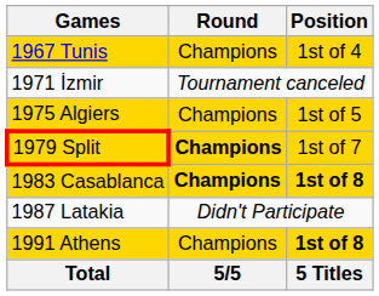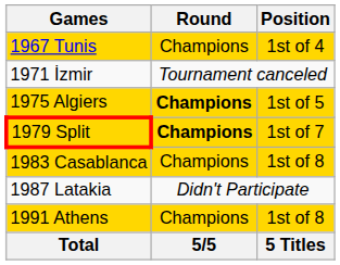 <table class="wikitable" style="font-size: 90%; text-align:center; font-size:85%;">
 <tr>
 <th>Games</th>
 <th>Round</th>
 <th>Position</th>
 </tr>
 <tr style="background:gold;">
 <td align="left"> <a href='#'>1967 Tunis</a></td>
 <td>Champions</td>
 <td>1st of 4</td>
 </tr>
 <tr style=>
 <td align="left"> 1971 İzmir</td>
 <td colspan="2"><em>Tournament canceled</em></td>
 </tr>
 <tr style="background:gold;">
 <td align="left"> 1975 Algiers</td>
-<td>Champions</td>
+<td><strong>Champions</strong></td>
 <td>1st of 5</td>
 </tr>
 <tr style="background:gold;">
 <td align="left"style="border: 3px solid red"> 1979 Split</td>
 <td><strong>Champions</strong></td>
 <td>1st of 7</td>
 </tr>
 <tr style="background:gold;">
 <td align="left"> 1983 Casablanca</td>
-<td><strong>Champions</strong></td>
-<td><strong>1st of 8</strong></td>
+<td>Champions</td>
+<td>1st of 8</td>
 </tr>
 <tr style=>
 <td align="left"> 1987 Latakia</td>
 <td colspan="2"><em>Didn't Participate</em></td>
 </tr>
 <tr - style="background:gold;">
 <td align="left"> 1991 Athens</td>
 <td>Champions</td>
-<td><strong>1st of 8</strong></td>
+<td>1st of 8</td>
 </tr>
 <tr>
 <th>Total</th>
 <th>5/5</th>
 <th>5 Titles</th>
 </tr>
 </table>
